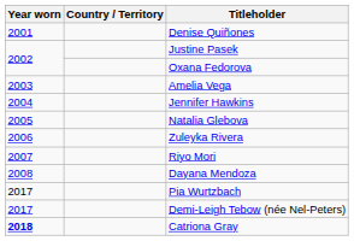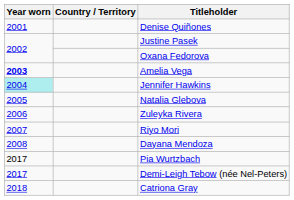 <table class="wikitable sortable" style="font-size:95%;">
 <tr>
 <th>Year worn</th>
 <th>Country / Territory</th>
 <th>Titleholder</th>
 </tr>
 <tr>
 <td align="left"><a href='#'>2001</a></td>
 <td align="left"></td>
 <td align="left"><a href='#'>Denise Quiñones</a></td>
 </tr>
 <tr>
 <td rowspan="2" align="left"><a href='#'>2002</a></td>
 <td align="left"></td>
 <td align="left"><a href='#'>Justine Pasek</a></td>
 </tr>
 <tr>
 <td align="left"></td>
 <td align="left"><a href='#'>Oxana Fedorova</a></td>
 </tr>
 <tr>
-<td align="left"><a href='#'>2003</a></td>
+<td align="left"><strong><a href='#'>2003</a></strong></td>
 <td align="left"></td>
 <td align="left"><a href='#'>Amelia Vega</a></td>
 </tr>
 <tr>
-<td align="left"><a href='#'>2004</a></td>
+<td align="left" style="background: paleturquoise;"><a href='#'>2004</a></td>
 <td align="left"></td>
 <td align="left"><a href='#'>Jennifer Hawkins</a></td>
 </tr>
 <tr>
 <td align="left"><a href='#'>2005</a></td>
 <td align="left"></td>
 <td align="left"><a href='#'>Natalia Glebova</a></td>
 </tr>
 <tr>
 <td align="left"><a href='#'>2006</a></td>
 <td align="left"></td>
 <td align="left"><a href='#'>Zuleyka Rivera</a></td>
 </tr>
 <tr>
 <td align="left"><a href='#'>2007</a></td>
 <td align="left"></td>
 <td align="left"><a href='#'>Riyo Mori</a></td>
 </tr>
 <tr>
 <td align="left"><a href='#'>2008</a></td>
 <td align="left"></td>
 <td align="left"><a href='#'>Dayana Mendoza</a></td>
 </tr>
 <tr>
 <td align="left">2017</td>
 <td align="left"></td>
 <td align="left"><a href='#'>Pia Wurtzbach</a></td>
 </tr>
 <tr>
 <td align="left"><a href='#'>2017</a></td>
 <td align="left"></td>
 <td align="left"><a href='#'>Demi-Leigh Tebow</a> (née Nel-Peters)</td>
 </tr>
 <tr>
-<td align="left"><strong><a href='#'>2018</a></strong></td>
+<td align="left"><a href='#'>2018</a></td>
 <td align="left"></td>
 <td align="left"><a href='#'>Catriona Gray</a></td>
 </tr>
 </table>
